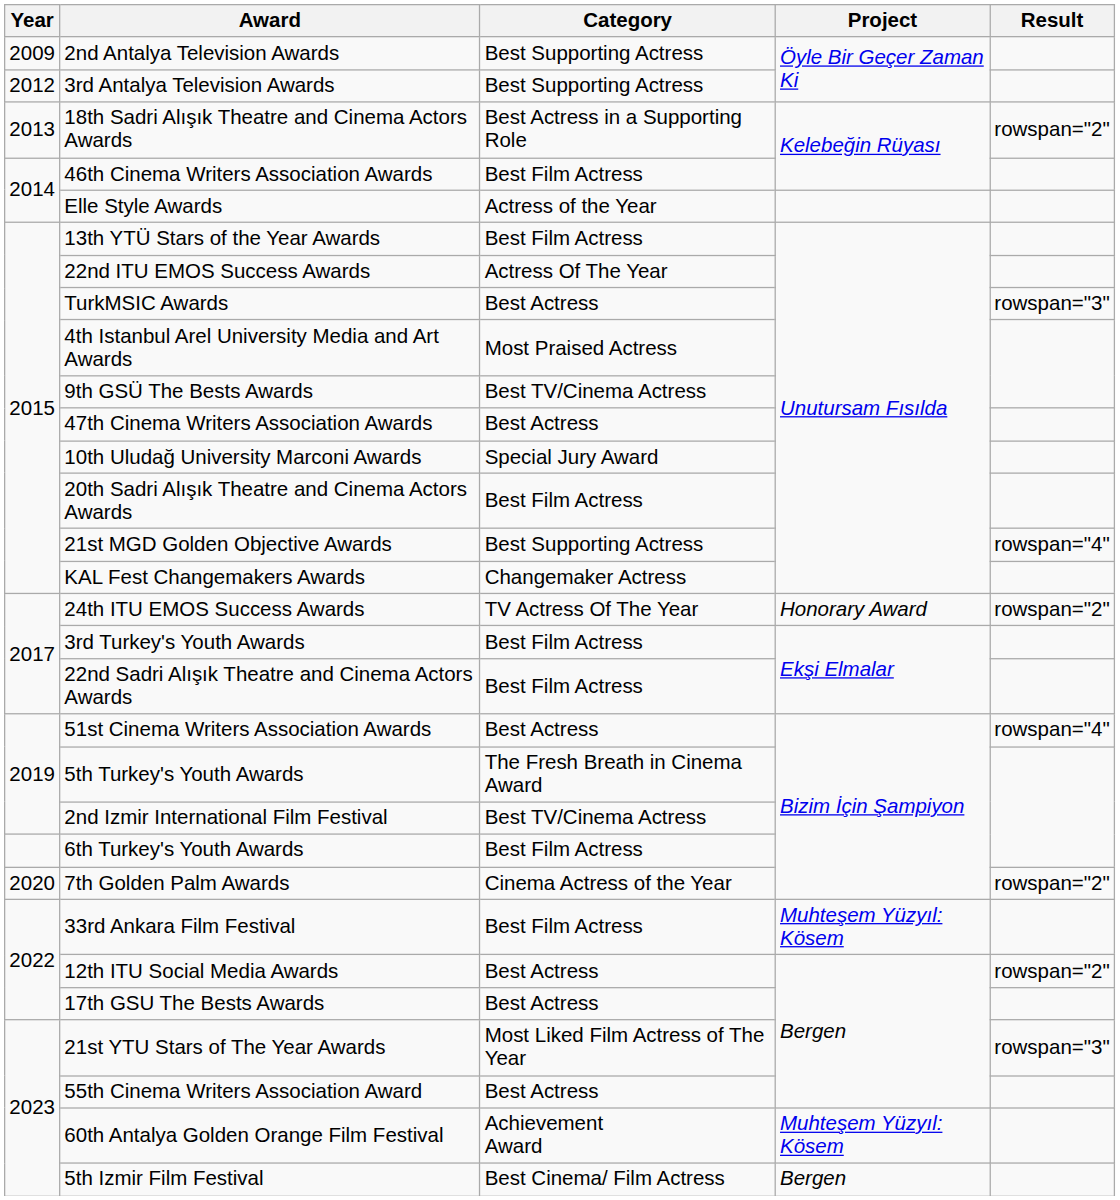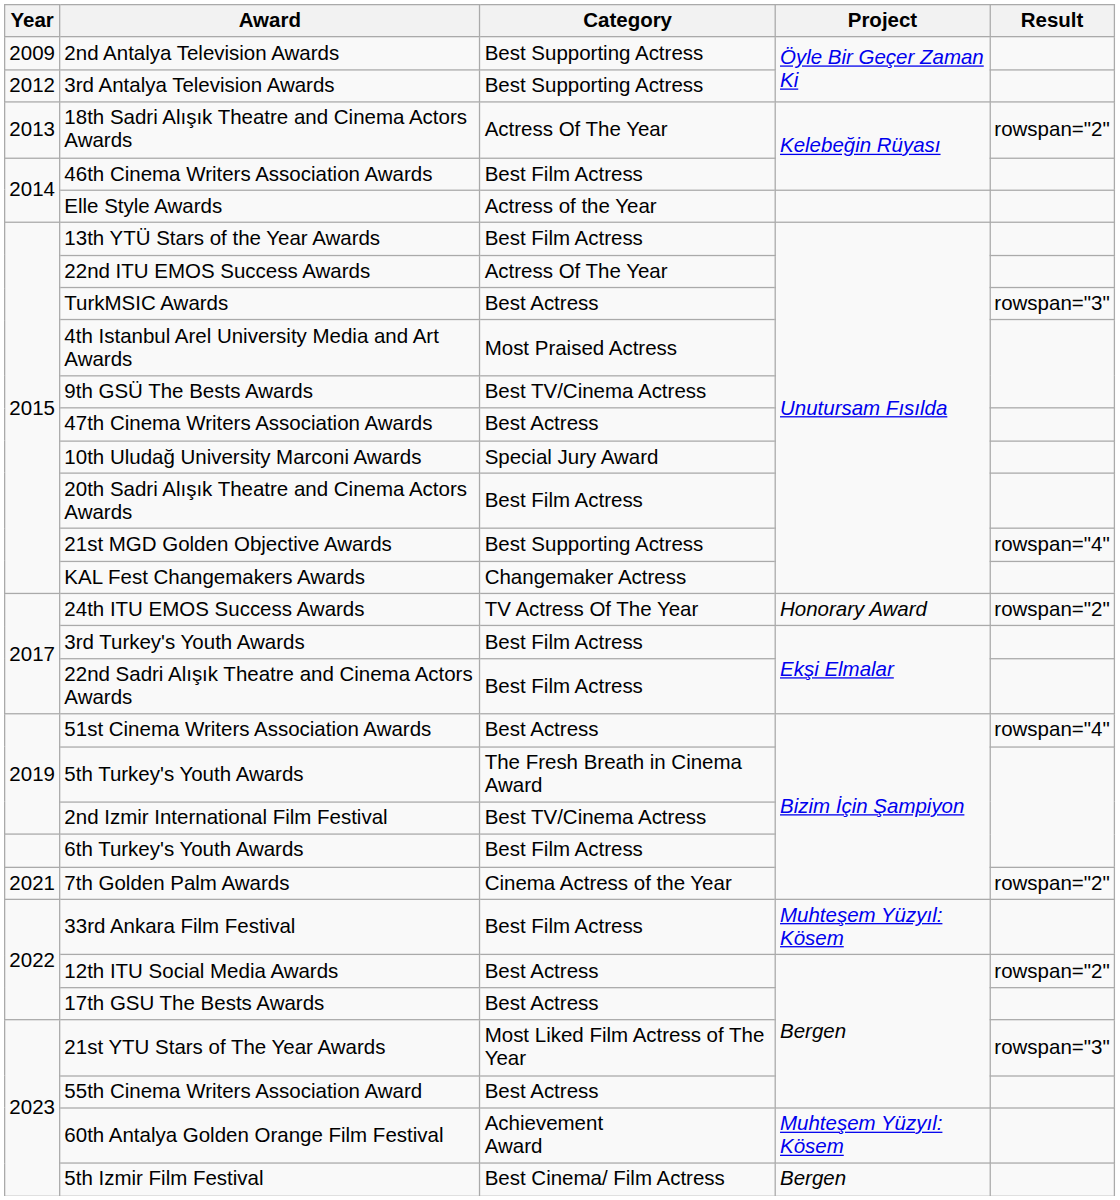 <table class="wikitable">
 <tr>
 <th>Year</th>
 <th>Award</th>
 <th>Category</th>
 <th>Project</th>
 <th>Result</th>
 </tr>
 <tr>
 <td>2009</td>
 <td>2nd Antalya Television Awards</td>
 <td>Best Supporting Actress</td>
 <td rowspan="2"><em><a href='#'>Öyle Bir Geçer Zaman Ki</a></em></td>
 <td></td>
 </tr>
 <tr>
 <td>2012</td>
 <td>3rd Antalya Television Awards</td>
 <td>Best Supporting Actress</td>
 <td></td>
 </tr>
 <tr>
 <td>2013</td>
 <td>18th Sadri Alışık Theatre and Cinema Actors Awards</td>
-<td>Best Actress in a Supporting Role</td>
+<td>Actress Of The Year</td>
 <td rowspan="2"><em><a href='#'>Kelebeğin Rüyası</a></em></td>
 <td>rowspan="2" </td>
 </tr>
 <tr>
 <td rowspan="2">2014</td>
 <td>46th Cinema Writers Association Awards</td>
 <td>Best Film Actress</td>
 </tr>
 <tr>
 <td>Elle Style Awards</td>
 <td>Actress of the Year</td>
 <td></td>
 <td></td>
 </tr>
 <tr>
 <td rowspan="10">2015</td>
 <td>13th YTÜ Stars of the Year Awards</td>
 <td>Best Film Actress</td>
 <td rowspan="10"><em><a href='#'>Unutursam Fısılda</a></em></td>
 <td></td>
 </tr>
 <tr>
 <td>22nd ITU EMOS Success Awards</td>
 <td>Actress Of The Year</td>
 <td></td>
 </tr>
 <tr>
 <td>TurkMSIC Awards</td>
 <td>Best Actress</td>
 <td>rowspan="3" </td>
 </tr>
 <tr>
 <td>4th Istanbul Arel University Media and Art Awards</td>
 <td>Most Praised Actress</td>
 </tr>
 <tr>
 <td>9th GSÜ The Bests Awards</td>
 <td>Best TV/Cinema Actress</td>
 </tr>
 <tr>
 <td>47th Cinema Writers Association Awards</td>
 <td>Best Actress</td>
 <td></td>
 </tr>
 <tr>
 <td>10th Uludağ University Marconi Awards</td>
 <td>Special Jury Award</td>
 <td></td>
 </tr>
 <tr>
 <td>20th Sadri Alışık Theatre and Cinema Actors Awards</td>
 <td>Best Film Actress</td>
 <td></td>
 </tr>
 <tr>
 <td>21st MGD Golden Objective Awards</td>
 <td>Best Supporting Actress</td>
 <td>rowspan="4" </td>
 </tr>
 <tr>
 <td>KAL Fest Changemakers Awards</td>
 <td>Changemaker Actress</td>
 </tr>
 <tr>
 <td rowspan="3">2017</td>
 <td>24th ITU EMOS Success Awards</td>
 <td>TV Actress Of The Year</td>
 <td><em>Honorary Award</em></td>
 <td>rowspan="2" </td>
 </tr>
 <tr>
 <td>3rd Turkey's Youth Awards</td>
 <td>Best Film Actress</td>
 <td rowspan="2"><em><a href='#'>Ekşi Elmalar</a></em></td>
 </tr>
 <tr>
 <td>22nd Sadri Alışık Theatre and Cinema Actors Awards</td>
 <td>Best Film Actress</td>
 <td></td>
 </tr>
 <tr>
 <td rowspan="3">2019</td>
 <td>51st Cinema Writers Association Awards</td>
 <td>Best Actress</td>
 <td rowspan="5"><em><a href='#'>Bizim İçin Şampiyon</a></em></td>
 <td>rowspan="4" </td>
 </tr>
 <tr>
 <td>5th Turkey's Youth Awards</td>
 <td>The Fresh Breath in Cinema Award</td>
 </tr>
 <tr>
 <td>2nd Izmir International Film Festival</td>
 <td>Best TV/Cinema Actress</td>
 </tr>
 <tr>
 <td></td>
 <td>6th Turkey's Youth Awards</td>
 <td>Best Film Actress</td>
 </tr>
 <tr>
-<td>2020</td>
+<td>2021</td>
 <td>7th Golden Palm Awards</td>
 <td>Cinema Actress of the Year</td>
 <td>rowspan="2" </td>
 </tr>
 <tr>
 <td rowspan="3">2022</td>
 <td>33rd Ankara Film Festival</td>
 <td>Best Film Actress</td>
 <td><em><a href='#'>Muhteşem Yüzyıl: Kösem</a></em></td>
 </tr>
 <tr>
 <td>12th ITU Social Media Awards</td>
 <td>Best Actress</td>
 <td rowspan="4"><em>Bergen</em></td>
 <td>rowspan="2" </td>
 </tr>
 <tr>
 <td>17th GSU The Bests Awards</td>
 <td>Best Actress</td>
 <td></td>
 </tr>
 <tr>
 <td rowspan="4">2023</td>
 <td>21st YTU Stars of The Year Awards</td>
 <td>Most Liked Film Actress of The Year</td>
 <td>rowspan="3" </td>
 </tr>
 <tr>
 <td>55th Cinema Writers Association Award</td>
 <td>Best Actress</td>
 </tr>
 <tr>
 <td>60th Antalya Golden Orange Film Festival</td>
 <td>Achievement<br>Award</td>
 <td><em><a href='#'>Muhteşem Yüzyıl: Kösem</a></em></td>
 <td></td>
 </tr>
 <tr>
 <td>5th Izmir Film Festival</td>
 <td>Best Cinema/ Film Actress</td>
 <td><em>Bergen</em></td>
 <td></td>
 </tr>
 </table>
